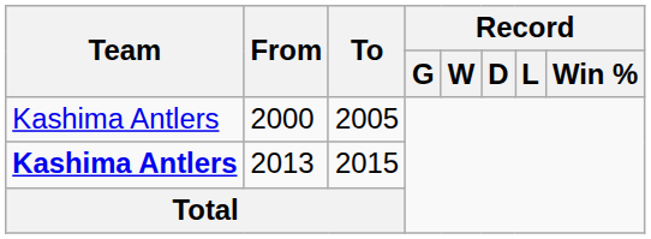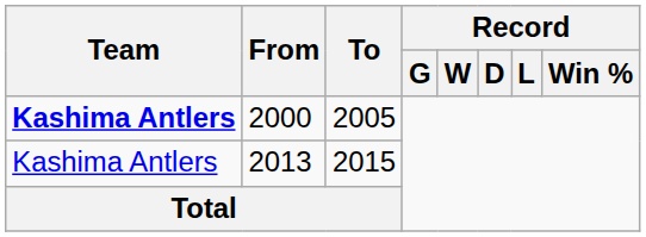 <table class="wikitable" style="text-align:center">
 <tr>
 <th rowspan="2">Team</th>
 <th rowspan="2">From</th>
 <th rowspan="2">To</th>
 <th colspan="5">Record</th>
 </tr>
 <tr>
 <th>G</th>
 <th>W</th>
 <th>D</th>
 <th>L</th>
 <th>Win %</th>
 </tr>
 <tr>
-<td align="left"><a href='#'>Kashima Antlers</a></td>
+<td align="left"><strong><a href='#'>Kashima Antlers</a></strong></td>
 <td align="left">2000</td>
 <td align="left">2005<br></td>
 </tr>
 <tr>
-<td align="left"><strong><a href='#'>Kashima Antlers</a></strong></td>
+<td align="left"><a href='#'>Kashima Antlers</a></td>
 <td align="left">2013</td>
 <td align="left">2015<br></td>
 </tr>
 <tr>
 <th colspan="3">Total<br></th>
 </tr>
 </table>
